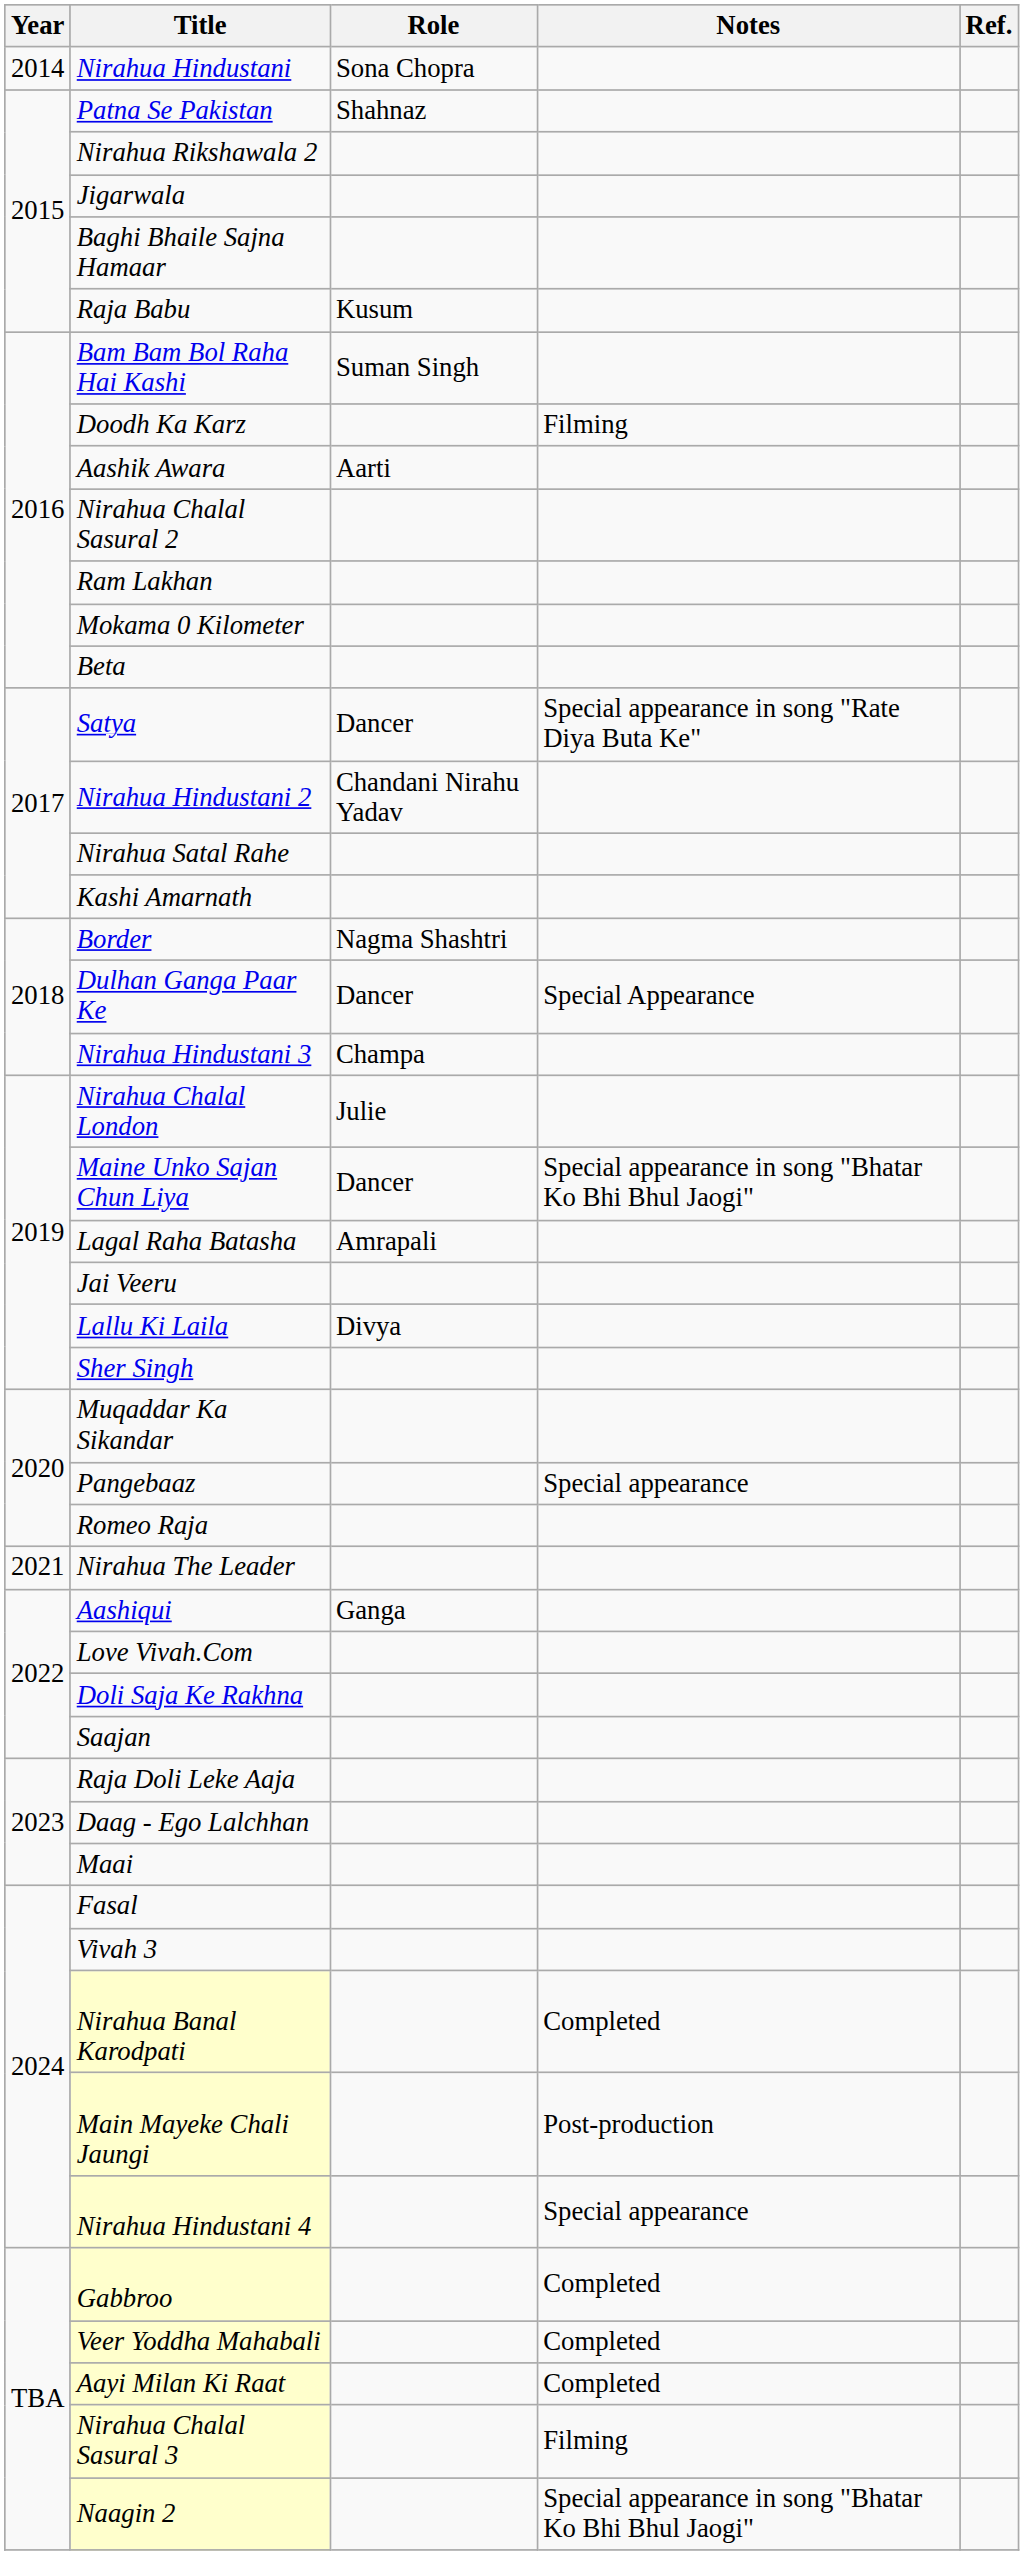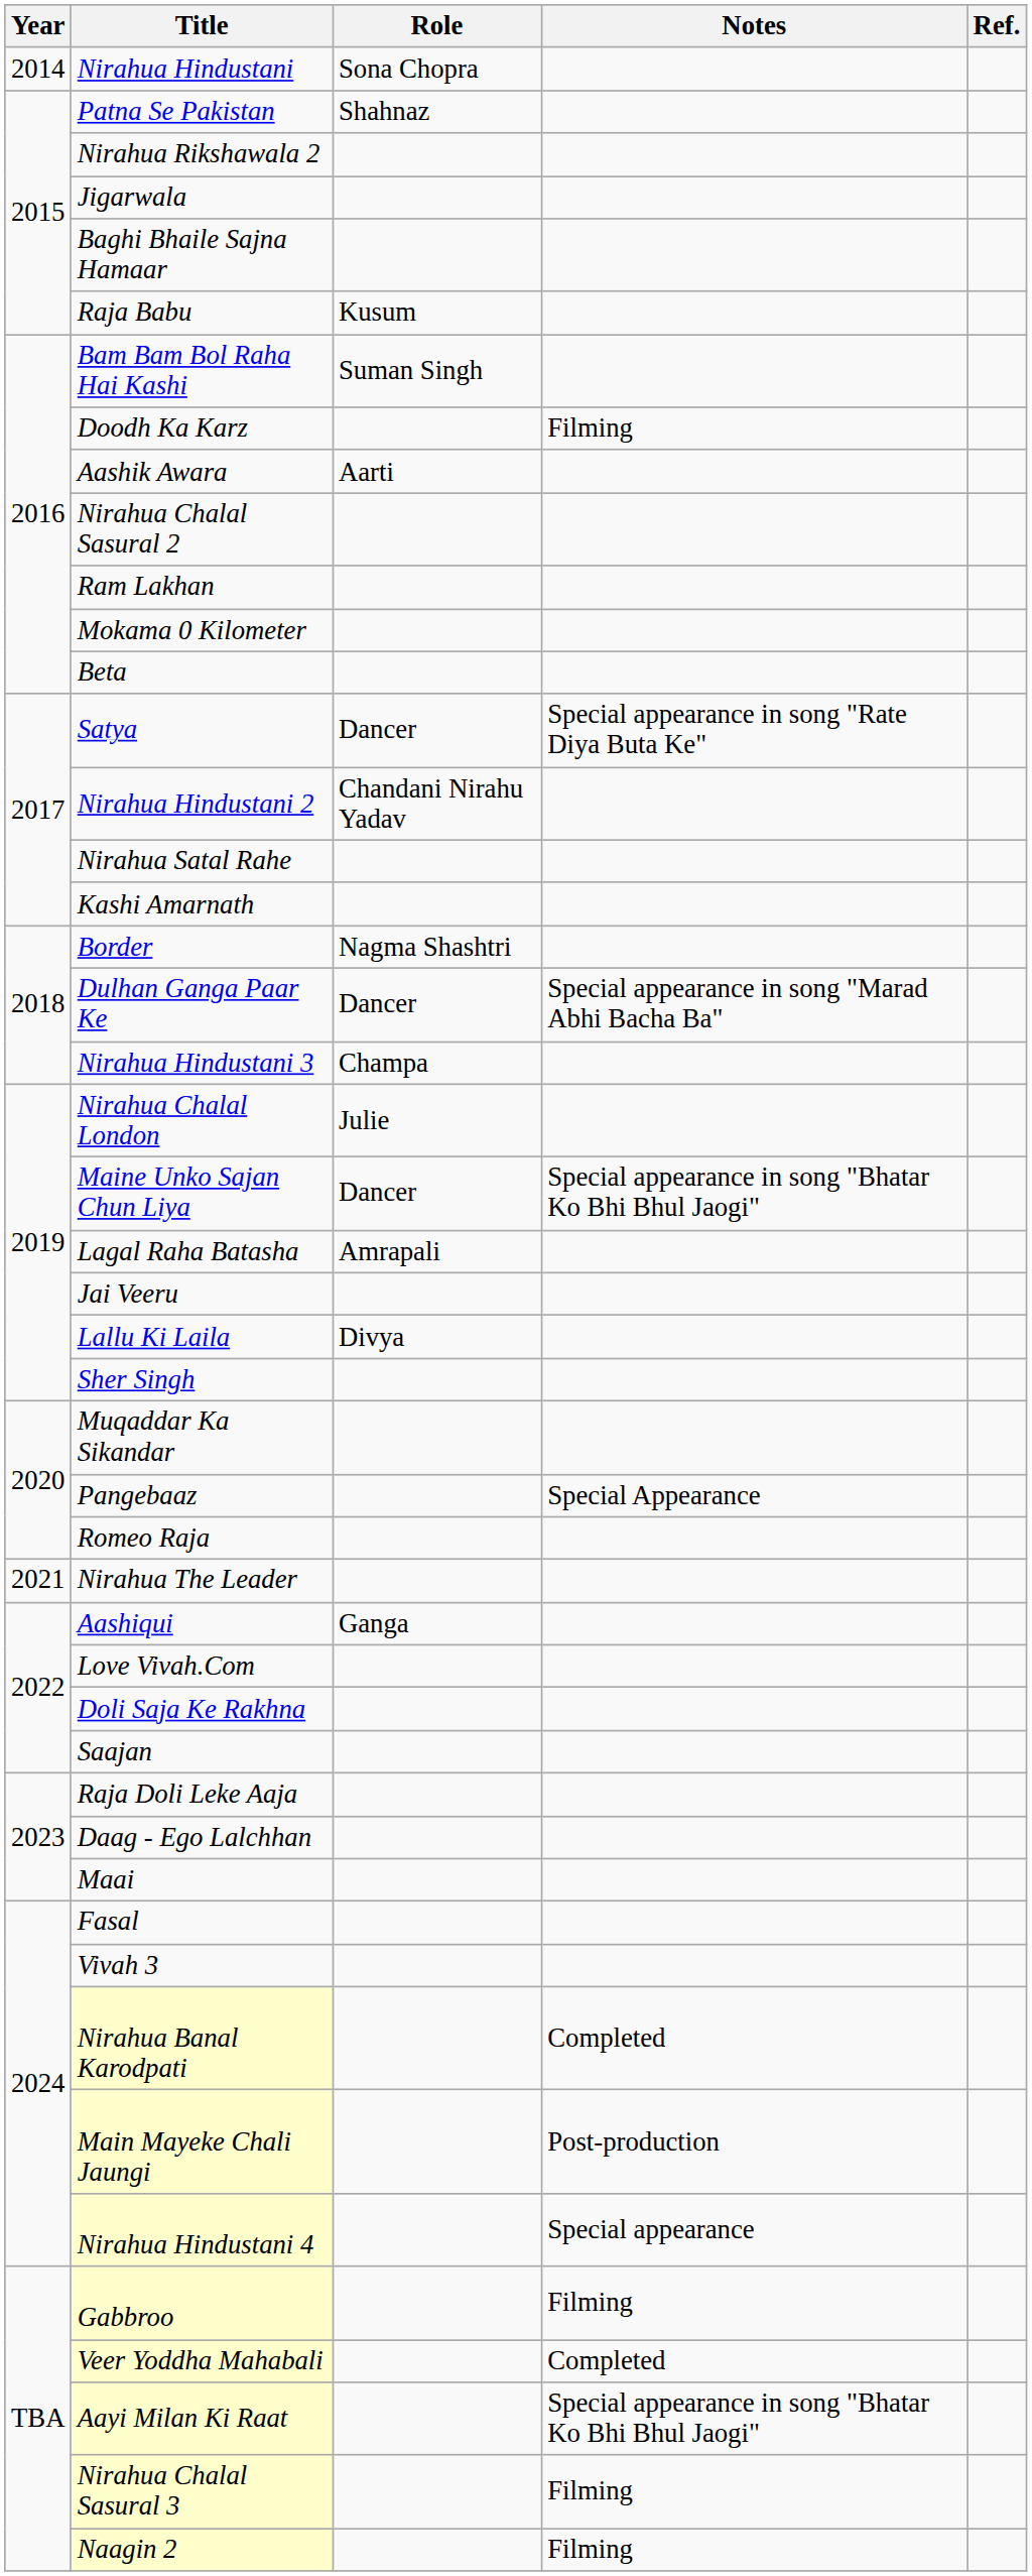 <table class="wikitable sortable">
 <tr>
 <th>Year</th>
 <th>Title</th>
 <th>Role</th>
 <th class="unsortable">Notes</th>
 <th class="unsortable">Ref.</th>
 </tr>
 <tr>
 <td>2014</td>
 <td><em><a href='#'>Nirahua Hindustani</a></em></td>
 <td>Sona Chopra</td>
 <td></td>
 <td></td>
 </tr>
 <tr>
 <td rowspan="5">2015</td>
 <td><em><a href='#'>Patna Se Pakistan</a></em></td>
 <td>Shahnaz</td>
 <td></td>
 <td></td>
 </tr>
 <tr>
 <td><em>Nirahua Rikshawala 2</em></td>
 <td></td>
 <td></td>
 <td></td>
 </tr>
 <tr>
 <td><em>Jigarwala</em></td>
 <td></td>
 <td></td>
 <td></td>
 </tr>
 <tr>
 <td><em>Baghi Bhaile Sajna Hamaar</em></td>
 <td></td>
 <td></td>
 <td></td>
 </tr>
 <tr>
 <td><em>Raja Babu</em></td>
 <td>Kusum</td>
 <td></td>
 <td></td>
 </tr>
 <tr>
 <td rowspan="7">2016</td>
 <td><em><a href='#'>Bam Bam Bol Raha Hai Kashi</a></em></td>
 <td>Suman Singh</td>
 <td></td>
 <td></td>
 </tr>
 <tr>
 <td><em>Doodh Ka Karz</em></td>
 <td></td>
 <td>Filming</td>
 <td></td>
 </tr>
 <tr>
 <td><em>Aashik Awara</em></td>
 <td>Aarti</td>
 <td></td>
 <td></td>
 </tr>
 <tr>
 <td><em>Nirahua Chalal Sasural 2</em></td>
 <td></td>
 <td></td>
 <td></td>
 </tr>
 <tr>
 <td><em>Ram Lakhan</em></td>
 <td></td>
 <td></td>
 <td></td>
 </tr>
 <tr>
 <td><em>Mokama 0 Kilometer</em></td>
 <td></td>
 <td></td>
 <td></td>
 </tr>
 <tr>
 <td><em>Beta</em></td>
 <td></td>
 <td></td>
 <td></td>
 </tr>
 <tr>
 <td rowspan="4">2017</td>
 <td><em><a href='#'>Satya</a></em></td>
 <td>Dancer</td>
 <td>Special appearance in song "Rate Diya Buta Ke"</td>
 <td></td>
 </tr>
 <tr>
 <td><em><a href='#'>Nirahua Hindustani 2</a></em></td>
 <td>Chandani Nirahu Yadav</td>
 <td></td>
 <td></td>
 </tr>
 <tr>
 <td><em>Nirahua Satal Rahe</em></td>
 <td></td>
 <td></td>
 <td></td>
 </tr>
 <tr>
 <td><em>Kashi Amarnath</em></td>
 <td></td>
 <td></td>
 <td></td>
 </tr>
 <tr>
 <td rowspan="3">2018</td>
 <td><em><a href='#'>Border</a></em></td>
 <td>Nagma Shashtri</td>
 <td></td>
 <td></td>
 </tr>
 <tr>
 <td><em><a href='#'>Dulhan Ganga Paar Ke</a></em></td>
 <td>Dancer</td>
-<td>Special Appearance</td>
+<td>Special appearance in song "Marad Abhi Bacha Ba"</td>
 <td></td>
 </tr>
 <tr>
 <td><em><a href='#'>Nirahua Hindustani 3</a></em></td>
 <td>Champa</td>
 <td></td>
 <td></td>
 </tr>
 <tr>
 <td rowspan="6">2019</td>
 <td><em><a href='#'>Nirahua Chalal London</a></em></td>
 <td>Julie</td>
 <td></td>
 <td></td>
 </tr>
 <tr>
 <td><em><a href='#'>Maine Unko Sajan Chun Liya</a></em></td>
 <td>Dancer</td>
 <td>Special appearance in song "Bhatar Ko Bhi Bhul Jaogi"</td>
 <td></td>
 </tr>
 <tr>
 <td><em>Lagal Raha Batasha</em></td>
 <td>Amrapali</td>
 <td></td>
 <td></td>
 </tr>
 <tr>
 <td><em>Jai Veeru</em></td>
 <td></td>
 <td></td>
 <td></td>
 </tr>
 <tr>
 <td><em><a href='#'>Lallu Ki Laila</a></em></td>
 <td>Divya</td>
 <td></td>
 <td></td>
 </tr>
 <tr>
 <td><em><a href='#'>Sher Singh</a></em></td>
 <td></td>
 <td></td>
 <td></td>
 </tr>
 <tr>
 <td rowspan="3">2020</td>
 <td><em>Muqaddar Ka Sikandar</em></td>
 <td></td>
 <td></td>
 <td></td>
 </tr>
 <tr>
 <td><em>Pangebaaz</em></td>
 <td></td>
-<td>Special appearance</td>
+<td>Special Appearance</td>
 <td></td>
 </tr>
 <tr>
 <td><em>Romeo Raja</em></td>
 <td></td>
 <td></td>
 <td></td>
 </tr>
 <tr>
 <td>2021</td>
 <td><em>Nirahua The Leader</em></td>
 <td></td>
 <td></td>
 <td></td>
 </tr>
 <tr>
 <td rowspan="4">2022</td>
 <td><em><a href='#'>Aashiqui</a></em></td>
 <td>Ganga</td>
 <td></td>
 <td></td>
 </tr>
 <tr>
 <td><em>Love Vivah.Com</em></td>
 <td></td>
 <td></td>
 <td></td>
 </tr>
 <tr>
 <td><em><a href='#'>Doli Saja Ke Rakhna</a></em></td>
 <td></td>
 <td></td>
 <td></td>
 </tr>
 <tr>
 <td><em>Saajan</em></td>
 <td></td>
 <td></td>
 <td></td>
 </tr>
 <tr>
 <td rowspan="3">2023</td>
 <td><em>Raja Doli Leke Aaja</em></td>
 <td></td>
 <td></td>
 <td></td>
 </tr>
 <tr>
 <td><em>Daag - Ego Lalchhan</em></td>
 <td></td>
 <td></td>
 <td></td>
 </tr>
 <tr>
 <td><em>Maai</em></td>
 <td></td>
 <td></td>
 <td></td>
 </tr>
 <tr>
 <td rowspan="5">2024</td>
 <td><em>Fasal</em></td>
 <td></td>
 <td></td>
 <td></td>
 </tr>
 <tr>
 <td><em>Vivah 3</em></td>
 <td></td>
 <td></td>
 <td></td>
 </tr>
 <tr>
 <td scope="row" style="background:#ffc; "><br><em>Nirahua Banal Karodpati</em> </td>
 <td></td>
 <td>Completed</td>
 <td></td>
 </tr>
 <tr>
 <td scope="row" style="background:#ffc; "><br><em>Main Mayeke Chali Jaungi</em> </td>
 <td></td>
 <td>Post-production</td>
 <td></td>
 </tr>
 <tr>
 <td scope="row" style="background:#ffc; "><br><em>Nirahua Hindustani 4</em> </td>
 <td></td>
 <td>Special appearance</td>
 <td></td>
 </tr>
 <tr>
 <td rowspan="5">TBA</td>
 <td scope="row" style="background:#ffc; "><br><em>Gabbroo</em> </td>
 <td></td>
-<td>Completed</td>
+<td>Filming</td>
 <td></td>
 </tr>
 <tr>
 <td scope="row" style="background:#ffc; "><em>Veer Yoddha Mahabali</em> </td>
 <td></td>
 <td>Completed</td>
 <td></td>
 </tr>
 <tr>
 <td scope="row" style="background:#ffc; "><em>Aayi Milan Ki Raat</em> </td>
 <td></td>
-<td>Completed</td>
+<td>Special appearance in song "Bhatar Ko Bhi Bhul Jaogi"</td>
 <td></td>
 </tr>
 <tr>
 <td scope="row" style="background:#ffc; "><em>Nirahua Chalal Sasural 3</em> </td>
 <td></td>
 <td>Filming</td>
 <td></td>
 </tr>
 <tr>
 <td scope="row" style="background:#ffc; "><em>Naagin 2</em> </td>
 <td></td>
-<td>Special appearance in song "Bhatar Ko Bhi Bhul Jaogi"</td>
+<td>Filming</td>
 <td></td>
 </tr>
 </table>
